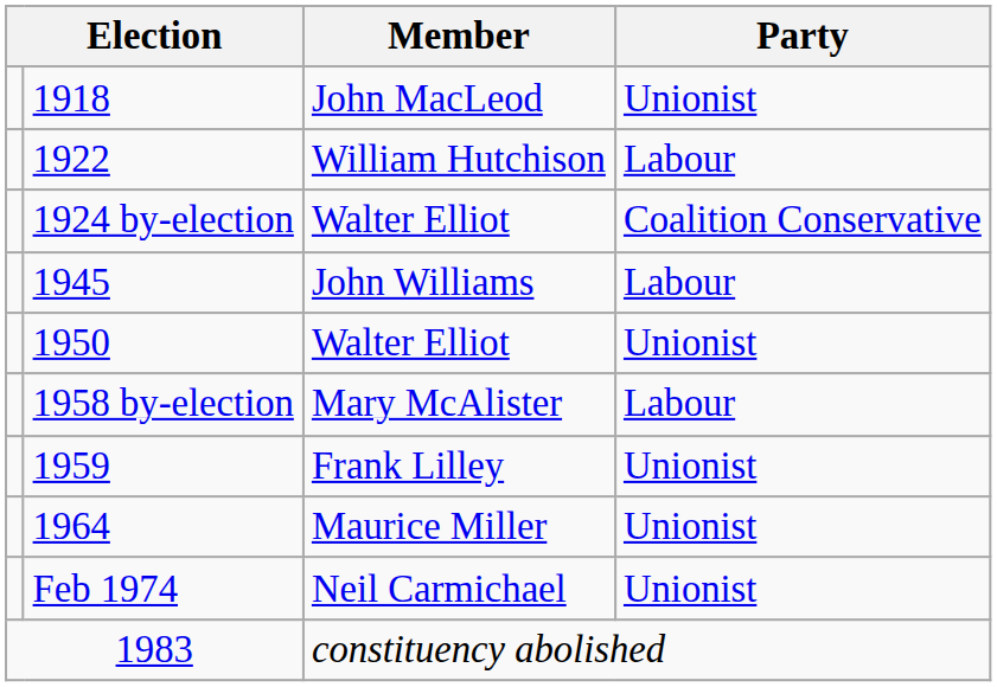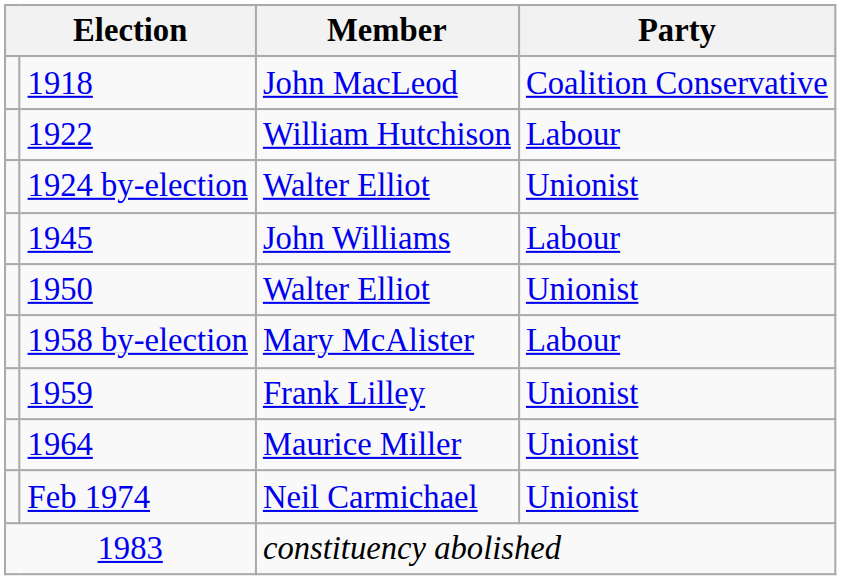 <table class="wikitable">
 <tr>
 <th colspan="2">Election</th>
 <th>Member  </th>
 <th>Party</th>
 </tr>
 <tr>
 <td style="color:inherit;background-color: "></td>
 <td><a href='#'>1918</a></td>
 <td><a href='#'>John MacLeod</a></td>
-<td><a href='#'>Unionist</a></td>
+<td><a href='#'>Coalition Conservative</a></td>
 </tr>
 <tr>
 <td style="color:inherit;background-color: "></td>
 <td><a href='#'>1922</a></td>
 <td><a href='#'>William Hutchison</a></td>
 <td><a href='#'>Labour</a></td>
 </tr>
 <tr>
 <td style="color:inherit;background-color: "></td>
 <td><a href='#'>1924 by-election</a></td>
 <td><a href='#'>Walter Elliot</a></td>
-<td><a href='#'>Coalition Conservative</a></td>
+<td><a href='#'>Unionist</a></td>
 </tr>
 <tr>
 <td style="color:inherit;background-color: "></td>
 <td><a href='#'>1945</a></td>
 <td><a href='#'>John Williams</a></td>
 <td><a href='#'>Labour</a></td>
 </tr>
 <tr>
 <td style="color:inherit;background-color: "></td>
 <td><a href='#'>1950</a></td>
 <td><a href='#'>Walter Elliot</a></td>
 <td><a href='#'>Unionist</a></td>
 </tr>
 <tr>
 <td style="color:inherit;background-color: "></td>
 <td><a href='#'>1958 by-election</a></td>
 <td><a href='#'>Mary McAlister</a></td>
 <td><a href='#'>Labour</a></td>
 </tr>
 <tr>
 <td style="color:inherit;background-color: "></td>
 <td><a href='#'>1959</a></td>
 <td><a href='#'>Frank Lilley</a></td>
 <td><a href='#'>Unionist</a></td>
 </tr>
 <tr>
 <td style="color:inherit;background-color: "></td>
 <td><a href='#'>1964</a></td>
 <td><a href='#'>Maurice Miller</a></td>
 <td><a href='#'>Unionist</a></td>
 </tr>
 <tr>
 <td style="color:inherit;background-color: "></td>
 <td><a href='#'>Feb 1974</a></td>
 <td><a href='#'>Neil Carmichael</a></td>
 <td><a href='#'>Unionist</a></td>
 </tr>
 <tr>
 <td colspan="2" align="center"><a href='#'>1983</a></td>
 <td colspan="2"><em>constituency abolished</em></td>
 </tr>
 </table>
